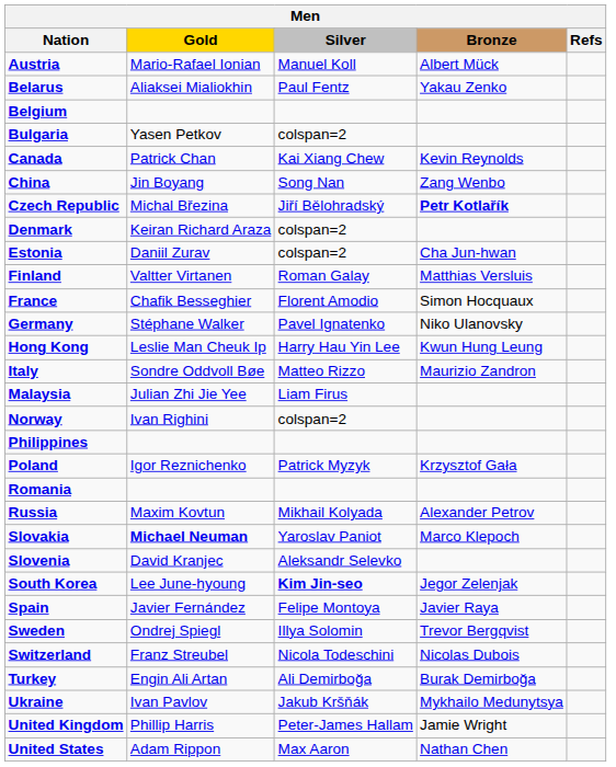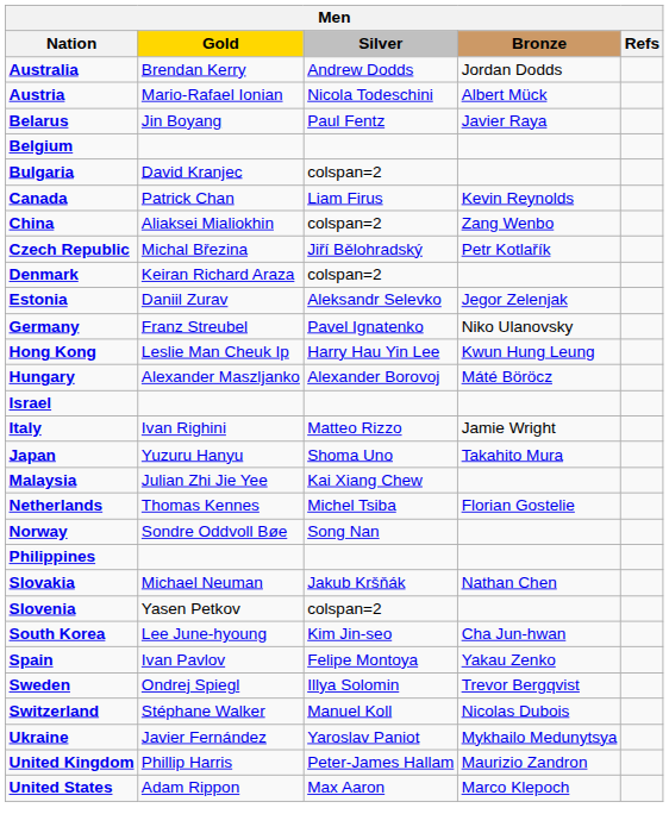 <table class="wikitable">
 <tr>
 <th colspan=5>Men</th>
 </tr>
 <tr>
 <th>Nation</th>
 <td style="text-align:center; background:gold;"><strong>Gold</strong></td>
 <td style="text-align:center; background:silver;"><strong>Silver</strong></td>
 <td style="text-align:center; background:#c96;"><strong>Bronze</strong></td>
 <th>Refs</th>
 </tr>
 <tr>
+<td><strong><a href='#'>Australia</a></strong></td>
+<td><a href='#'>Brendan Kerry</a></td>
+<td><a href='#'>Andrew Dodds</a></td>
+<td>Jordan Dodds</td>
+<td></td>
+</tr>
+<tr>
 <td><strong><a href='#'>Austria</a></strong></td>
 <td><a href='#'>Mario-Rafael Ionian</a></td>
-<td><a href='#'>Manuel Koll</a></td>
+<td><a href='#'>Nicola Todeschini</a></td>
 <td><a href='#'>Albert Mück</a></td>
 <td></td>
 </tr>
 <tr>
 <td><strong><a href='#'>Belarus</a></strong></td>
-<td><a href='#'>Aliaksei Mialiokhin</a></td>
+<td><a href='#'>Jin Boyang</a></td>
 <td><a href='#'>Paul Fentz</a></td>
-<td><a href='#'>Yakau Zenko</a></td>
+<td><a href='#'>Javier Raya</a></td>
 <td></td>
 </tr>
 <tr>
 <td><strong><a href='#'>Belgium</a></strong></td>
 <td></td>
 <td></td>
 <td></td>
 <td></td>
 </tr>
 <tr>
 <td><strong><a href='#'>Bulgaria</a></strong></td>
-<td>Yasen Petkov</td>
+<td><a href='#'>David Kranjec</a></td>
 <td>colspan=2 </td>
 <td></td>
 </tr>
 <tr>
 <td><strong><a href='#'>Canada</a></strong></td>
 <td><a href='#'>Patrick Chan</a></td>
-<td><a href='#'>Kai Xiang Chew</a></td>
+<td><a href='#'>Liam Firus</a></td>
 <td><a href='#'>Kevin Reynolds</a></td>
 <td></td>
 </tr>
 <tr>
 <td><strong><a href='#'>China</a></strong></td>
-<td><a href='#'>Jin Boyang</a></td>
-<td><a href='#'>Song Nan</a></td>
+<td><a href='#'>Aliaksei Mialiokhin</a></td>
+<td>colspan=2 </td>
 <td><a href='#'>Zang Wenbo</a></td>
 <td></td>
 </tr>
 <tr>
 <td><strong><a href='#'>Czech Republic</a></strong></td>
 <td><a href='#'>Michal Březina</a></td>
 <td><a href='#'>Jiří Bělohradský</a></td>
-<td><strong><a href='#'>Petr Kotlařík</a></strong></td>
+<td><a href='#'>Petr Kotlařík</a></td>
 <td></td>
 </tr>
 <tr>
 <td><strong><a href='#'>Denmark</a></strong></td>
 <td><a href='#'>Keiran Richard Araza</a></td>
 <td>colspan=2 </td>
 <td></td>
 </tr>
 <tr>
 <td><strong><a href='#'>Estonia</a></strong></td>
 <td><a href='#'>Daniil Zurav</a></td>
-<td>colspan=2 </td>
-<td><a href='#'>Cha Jun-hwan</a></td>
-<td></td>
-</tr>
-<tr>
-<td><strong><a href='#'>Finland</a></strong></td>
-<td><a href='#'>Valtter Virtanen</a></td>
-<td><a href='#'>Roman Galay</a></td>
-<td><a href='#'>Matthias Versluis</a></td>
-<td></td>
-</tr>
-<tr>
-<td><strong><a href='#'>France</a></strong></td>
-<td><a href='#'>Chafik Besseghier</a></td>
-<td><a href='#'>Florent Amodio</a></td>
-<td>Simon Hocquaux</td>
+<td><a href='#'>Aleksandr Selevko</a></td>
+<td><a href='#'>Jegor Zelenjak</a></td>
 <td></td>
 </tr>
 <tr>
 <td><strong><a href='#'>Germany</a></strong></td>
-<td><a href='#'>Stéphane Walker</a></td>
+<td><a href='#'>Franz Streubel</a></td>
 <td><a href='#'>Pavel Ignatenko</a></td>
 <td>Niko Ulanovsky</td>
 <td></td>
 </tr>
 <tr>
 <td><strong><a href='#'>Hong Kong</a></strong></td>
 <td><a href='#'>Leslie Man Cheuk Ip</a></td>
 <td><a href='#'>Harry Hau Yin Lee</a></td>
 <td><a href='#'>Kwun Hung Leung</a></td>
 <td></td>
 </tr>
 <tr>
+<td><strong><a href='#'>Hungary</a></strong></td>
+<td><a href='#'>Alexander Maszljanko</a></td>
+<td><a href='#'>Alexander Borovoj</a></td>
+<td><a href='#'>Máté Böröcz</a></td>
+<td></td>
+</tr>
+<tr>
+<td><strong><a href='#'>Israel</a></strong></td>
+<td></td>
+<td></td>
+<td></td>
+<td></td>
+</tr>
+<tr>
 <td><strong><a href='#'>Italy</a></strong></td>
-<td><a href='#'>Sondre Oddvoll Bøe</a></td>
+<td><a href='#'>Ivan Righini</a></td>
 <td><a href='#'>Matteo Rizzo</a></td>
-<td><a href='#'>Maurizio Zandron</a></td>
+<td>Jamie Wright</td>
+<td></td>
+</tr>
+<tr>
+<td><strong><a href='#'>Japan</a></strong></td>
+<td><a href='#'>Yuzuru Hanyu</a></td>
+<td><a href='#'>Shoma Uno</a></td>
+<td><a href='#'>Takahito Mura</a></td>
 <td></td>
 </tr>
 <tr>
 <td><strong><a href='#'>Malaysia</a></strong></td>
 <td><a href='#'>Julian Zhi Jie Yee</a></td>
-<td><a href='#'>Liam Firus</a></td>
+<td><a href='#'>Kai Xiang Chew</a></td>
 <td></td>
 <td></td>
 </tr>
 <tr>
+<td><strong><a href='#'>Netherlands</a></strong></td>
+<td><a href='#'>Thomas Kennes</a></td>
+<td><a href='#'>Michel Tsiba</a></td>
+<td><a href='#'>Florian Gostelie</a></td>
+<td></td>
+</tr>
+<tr>
 <td><strong><a href='#'>Norway</a></strong></td>
-<td><a href='#'>Ivan Righini</a></td>
-<td>colspan=2 </td>
+<td><a href='#'>Sondre Oddvoll Bøe</a></td>
+<td><a href='#'>Song Nan</a></td>
 <td></td>
 </tr>
 <tr>
 <td><strong><a href='#'>Philippines</a></strong></td>
 <td></td>
 <td></td>
 <td></td>
 <td></td>
 </tr>
 <tr>
-<td><strong><a href='#'>Poland</a></strong></td>
-<td><a href='#'>Igor Reznichenko</a></td>
-<td><a href='#'>Patrick Myzyk</a></td>
-<td><a href='#'>Krzysztof Gała</a></td>
-<td></td>
-</tr>
-<tr>
-<td><strong><a href='#'>Romania</a></strong></td>
-<td></td>
-<td></td>
-<td></td>
-<td></td>
-</tr>
-<tr>
-<td><strong><a href='#'>Russia</a></strong></td>
-<td><a href='#'>Maxim Kovtun</a></td>
-<td><a href='#'>Mikhail Kolyada</a></td>
-<td><a href='#'>Alexander Petrov</a></td>
-<td></td>
-</tr>
-<tr>
 <td><strong><a href='#'>Slovakia</a></strong></td>
-<td><strong><a href='#'>Michael Neuman</a></strong></td>
-<td><a href='#'>Yaroslav Paniot</a></td>
-<td><a href='#'>Marco Klepoch</a></td>
+<td><a href='#'>Michael Neuman</a></td>
+<td><a href='#'>Jakub Kršňák</a></td>
+<td><a href='#'>Nathan Chen</a></td>
 <td></td>
 </tr>
 <tr>
 <td><strong><a href='#'>Slovenia</a></strong></td>
-<td><a href='#'>David Kranjec</a></td>
-<td><a href='#'>Aleksandr Selevko</a></td>
+<td>Yasen Petkov</td>
+<td>colspan=2 </td>
 <td></td>
 </tr>
 <tr>
 <td><strong><a href='#'>South Korea</a></strong></td>
 <td><a href='#'>Lee June-hyoung</a></td>
-<td><strong><a href='#'>Kim Jin-seo</a></strong></td>
-<td><a href='#'>Jegor Zelenjak</a></td>
+<td><a href='#'>Kim Jin-seo</a></td>
+<td><a href='#'>Cha Jun-hwan</a></td>
 <td></td>
 </tr>
 <tr>
 <td><strong><a href='#'>Spain</a></strong></td>
-<td><a href='#'>Javier Fernández</a></td>
+<td><a href='#'>Ivan Pavlov</a></td>
 <td><a href='#'>Felipe Montoya</a></td>
-<td><a href='#'>Javier Raya</a></td>
+<td><a href='#'>Yakau Zenko</a></td>
 <td></td>
 </tr>
 <tr>
 <td><strong><a href='#'>Sweden</a></strong></td>
 <td><a href='#'>Ondrej Spiegl</a></td>
 <td><a href='#'>Illya Solomin</a></td>
 <td><a href='#'>Trevor Bergqvist</a></td>
 <td></td>
 </tr>
 <tr>
 <td><strong><a href='#'>Switzerland</a></strong></td>
-<td><a href='#'>Franz Streubel</a></td>
-<td><a href='#'>Nicola Todeschini</a></td>
+<td><a href='#'>Stéphane Walker</a></td>
+<td><a href='#'>Manuel Koll</a></td>
 <td><a href='#'>Nicolas Dubois</a></td>
 <td></td>
 </tr>
 <tr>
-<td><strong><a href='#'>Turkey</a></strong></td>
-<td><a href='#'>Engin Ali Artan</a></td>
-<td><a href='#'>Ali Demirboğa</a></td>
-<td><a href='#'>Burak Demirboğa</a></td>
-<td></td>
-</tr>
-<tr>
 <td><strong><a href='#'>Ukraine</a></strong></td>
-<td><a href='#'>Ivan Pavlov</a></td>
-<td><a href='#'>Jakub Kršňák</a></td>
+<td><a href='#'>Javier Fernández</a></td>
+<td><a href='#'>Yaroslav Paniot</a></td>
 <td><a href='#'>Mykhailo Medunytsya</a></td>
 <td></td>
 </tr>
 <tr>
 <td><strong><a href='#'>United Kingdom</a></strong></td>
 <td><a href='#'>Phillip Harris</a></td>
 <td><a href='#'>Peter-James Hallam</a></td>
-<td>Jamie Wright</td>
+<td><a href='#'>Maurizio Zandron</a></td>
 <td></td>
 </tr>
 <tr>
 <td><strong><a href='#'>United States</a></strong></td>
 <td><a href='#'>Adam Rippon</a></td>
 <td><a href='#'>Max Aaron</a></td>
-<td><a href='#'>Nathan Chen</a></td>
+<td><a href='#'>Marco Klepoch</a></td>
 <td></td>
 </tr>
 </table>
